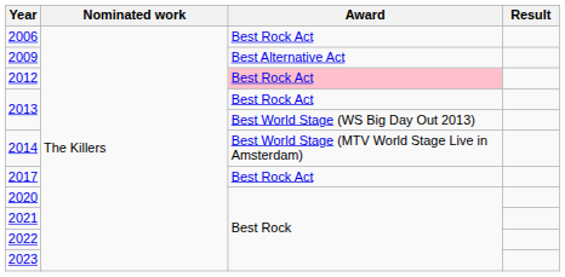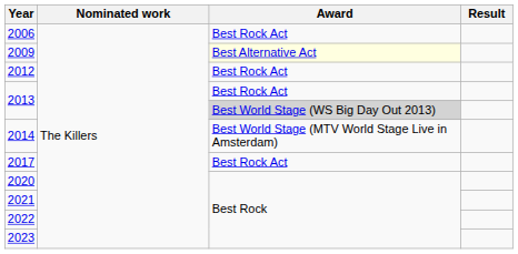 <table class="wikitable">
 <tr>
 <th>Year</th>
 <th width="220">Nominated work</th>
 <th width="325">Award</th>
 <th width="62">Result</th>
 </tr>
 <tr>
 <td><a href='#'>2006</a></td>
 <td rowspan="11">The Killers</td>
 <td><a href='#'>Best Rock Act</a></td>
 <td></td>
 </tr>
 <tr>
 <td><a href='#'>2009</a></td>
-<td><a href='#'>Best Alternative Act</a></td>
+<td style="background: lightyellow;"><a href='#'>Best Alternative Act</a></td>
 <td></td>
 </tr>
 <tr>
 <td><a href='#'>2012</a></td>
-<td style="background: pink;"><a href='#'>Best Rock Act</a></td>
+<td><a href='#'>Best Rock Act</a></td>
 <td></td>
 </tr>
 <tr>
 <td rowspan="2"><a href='#'>2013</a></td>
 <td><a href='#'>Best Rock Act</a></td>
 <td></td>
 </tr>
 <tr>
-<td><a href='#'>Best World Stage</a> (WS Big Day Out 2013)</td>
+<td style="background: lightgrey;"><a href='#'>Best World Stage</a> (WS Big Day Out 2013)</td>
 <td></td>
 </tr>
 <tr>
 <td rowspan="1"><a href='#'>2014</a></td>
 <td><a href='#'>Best World Stage</a> (MTV World Stage Live in Amsterdam)</td>
 <td></td>
 </tr>
 <tr>
 <td rowspan="1"><a href='#'>2017</a></td>
 <td><a href='#'>Best Rock Act</a></td>
 <td></td>
 </tr>
 <tr>
 <td><a href='#'>2020</a></td>
 <td rowspan="4">Best Rock</td>
 <td></td>
 </tr>
 <tr>
 <td><a href='#'>2021</a></td>
 <td></td>
 </tr>
 <tr>
 <td><a href='#'>2022</a></td>
 <td></td>
 </tr>
 <tr>
 <td><a href='#'>2023</a></td>
 <td></td>
 </tr>
 </table>
